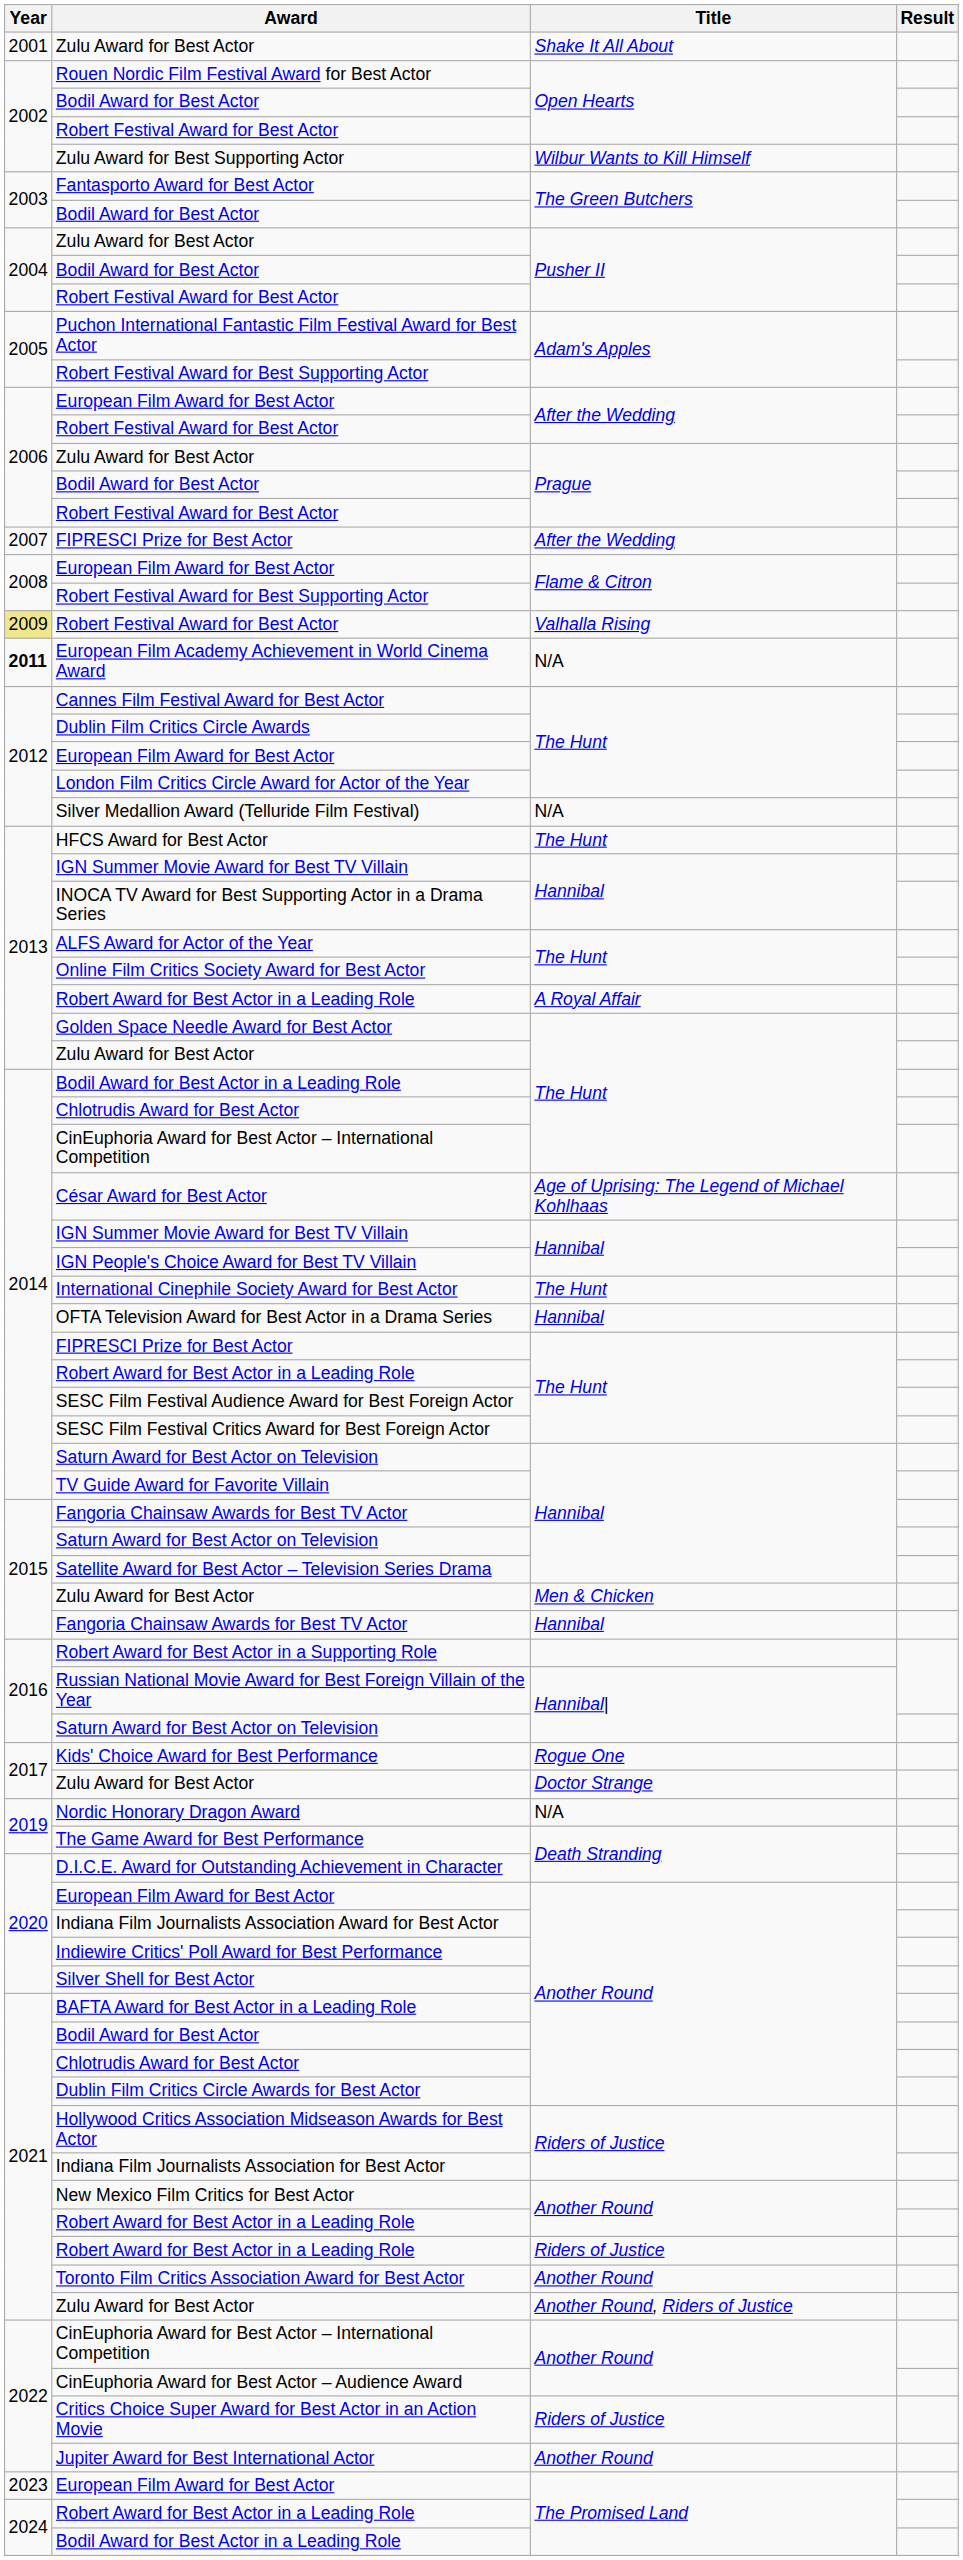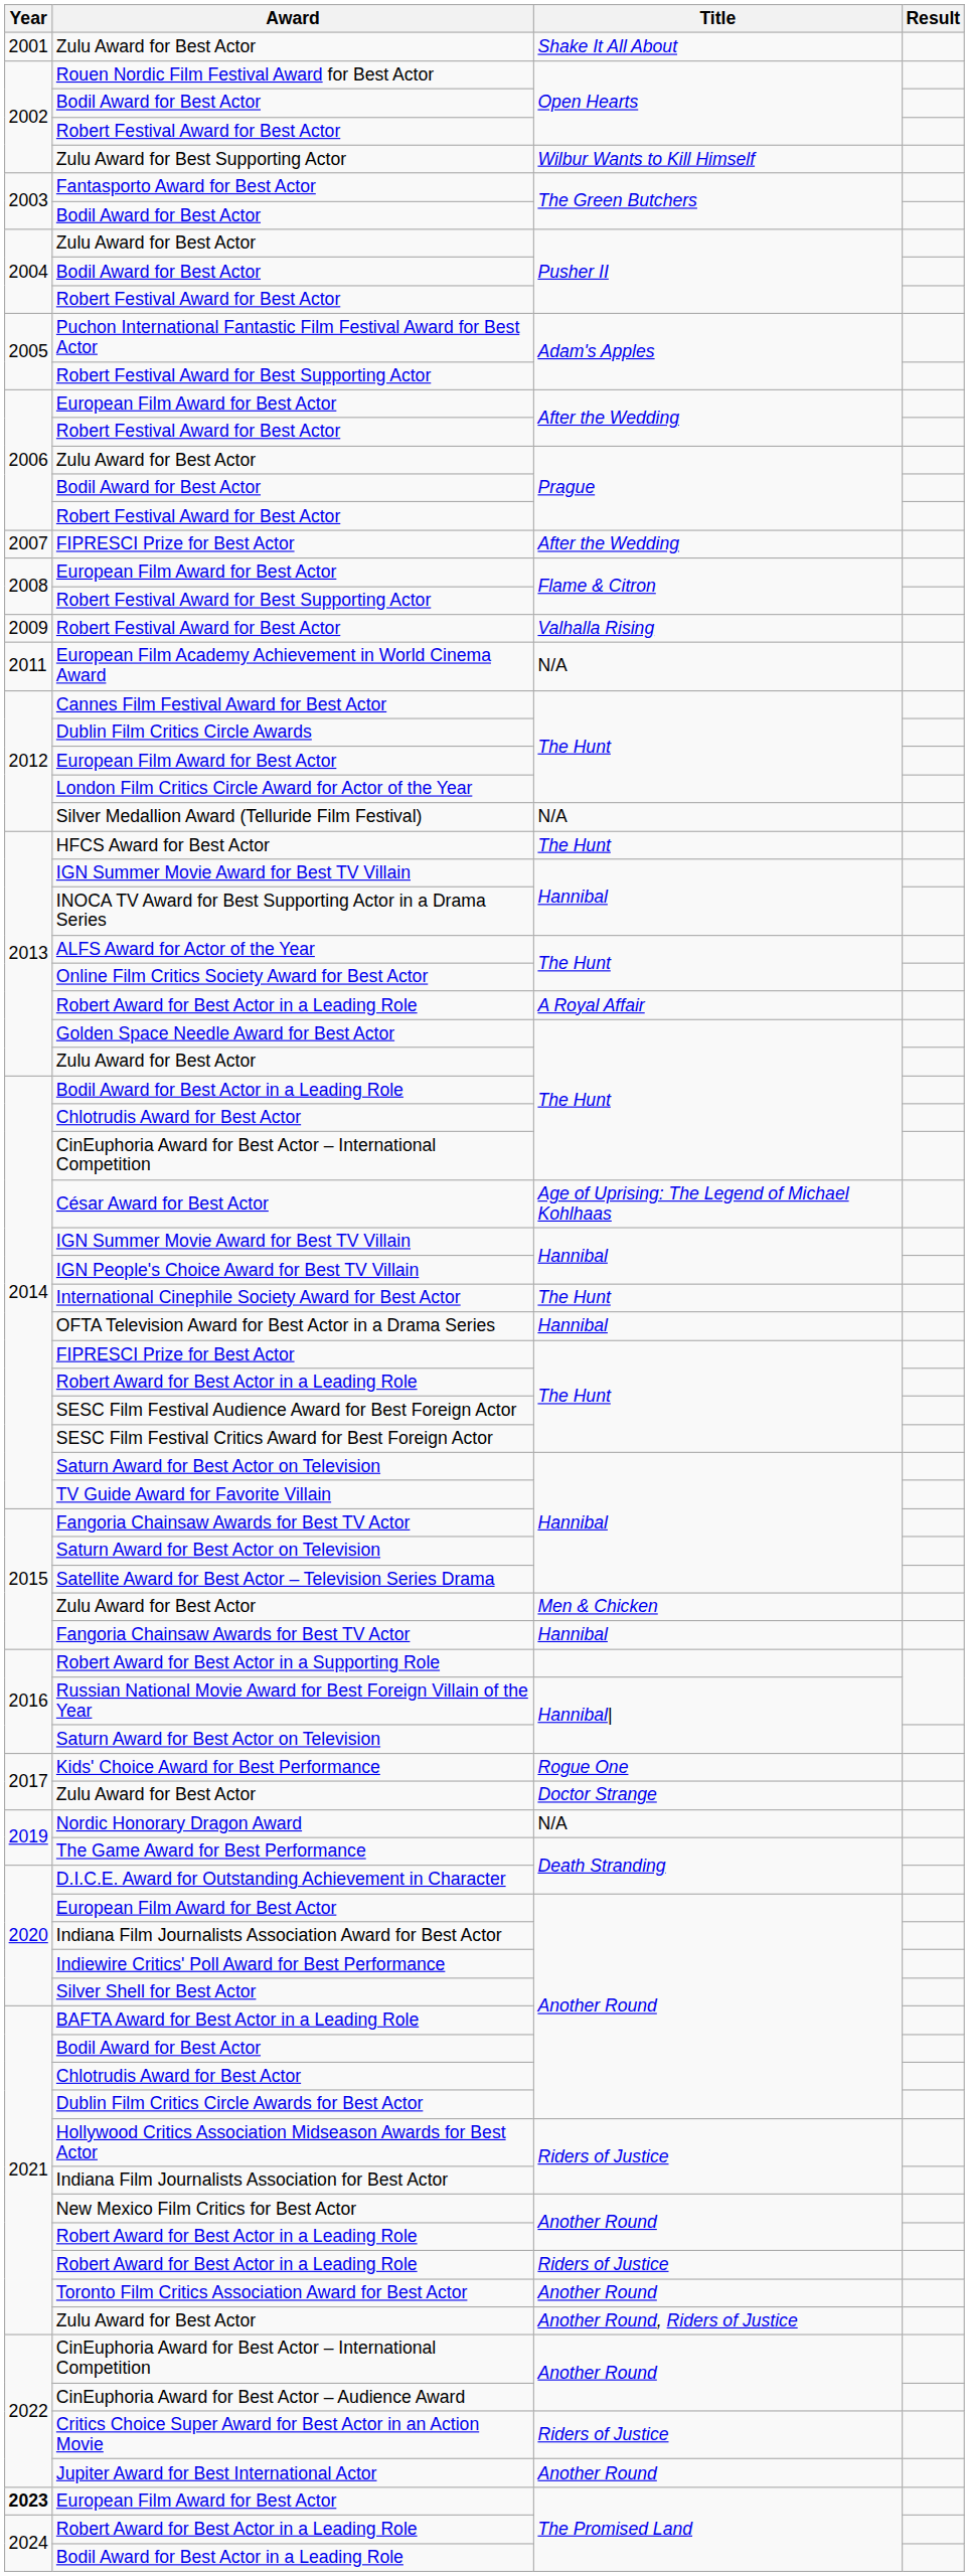 <table class="wikitable">
 <tr>
 <th>Year</th>
 <th>Award</th>
 <th>Title</th>
 <th>Result</th>
 </tr>
 <tr>
 <td>2001</td>
 <td>Zulu Award for Best Actor</td>
 <td><em><a href='#'>Shake It All About</a></em></td>
 <td></td>
 </tr>
 <tr>
 <td rowspan="4">2002</td>
 <td><a href='#'>Rouen Nordic Film Festival Award</a> for Best Actor</td>
 <td rowspan="3"><em><a href='#'>Open Hearts</a></em></td>
 <td></td>
 </tr>
 <tr>
 <td><a href='#'>Bodil Award for Best Actor</a></td>
 <td></td>
 </tr>
 <tr>
 <td><a href='#'>Robert Festival Award for Best Actor</a></td>
 <td></td>
 </tr>
 <tr>
 <td>Zulu Award for Best Supporting Actor</td>
 <td><em><a href='#'>Wilbur Wants to Kill Himself</a></em></td>
 <td></td>
 </tr>
 <tr>
 <td rowspan="2">2003</td>
 <td><a href='#'>Fantasporto Award for Best Actor</a></td>
 <td rowspan="2"><em><a href='#'>The Green Butchers</a></em></td>
 <td></td>
 </tr>
 <tr>
 <td><a href='#'>Bodil Award for Best Actor</a></td>
 <td></td>
 </tr>
 <tr>
 <td rowspan="3">2004</td>
 <td>Zulu Award for Best Actor</td>
 <td rowspan="3"><em><a href='#'>Pusher II</a></em></td>
 <td></td>
 </tr>
 <tr>
 <td><a href='#'>Bodil Award for Best Actor</a></td>
 <td></td>
 </tr>
 <tr>
 <td><a href='#'>Robert Festival Award for Best Actor</a></td>
 <td></td>
 </tr>
 <tr>
 <td rowspan="2">2005</td>
 <td><a href='#'>Puchon International Fantastic Film Festival Award for Best Actor</a></td>
 <td rowspan="2"><em><a href='#'>Adam's Apples</a></em></td>
 <td></td>
 </tr>
 <tr>
 <td><a href='#'>Robert Festival Award for Best Supporting Actor</a></td>
 <td></td>
 </tr>
 <tr>
 <td rowspan="5">2006</td>
 <td><a href='#'>European Film Award for Best Actor</a></td>
 <td rowspan="2"><em><a href='#'>After the Wedding</a></em></td>
 <td></td>
 </tr>
 <tr>
 <td><a href='#'>Robert Festival Award for Best Actor</a></td>
 <td></td>
 </tr>
 <tr>
 <td>Zulu Award for Best Actor</td>
 <td rowspan="3"><em><a href='#'>Prague</a></em></td>
 <td></td>
 </tr>
 <tr>
 <td><a href='#'>Bodil Award for Best Actor</a></td>
 <td></td>
 </tr>
 <tr>
 <td><a href='#'>Robert Festival Award for Best Actor</a></td>
 <td></td>
 </tr>
 <tr>
 <td>2007</td>
 <td><a href='#'>FIPRESCI Prize for Best Actor</a></td>
 <td><em><a href='#'>After the Wedding</a></em></td>
 <td></td>
 </tr>
 <tr>
 <td rowspan="2">2008</td>
 <td><a href='#'>European Film Award for Best Actor</a></td>
 <td rowspan="2"><em><a href='#'>Flame & Citron</a></em></td>
 <td></td>
 </tr>
 <tr>
 <td><a href='#'>Robert Festival Award for Best Supporting Actor</a></td>
 <td></td>
 </tr>
 <tr>
-<td style="background: khaki;">2009</td>
+<td>2009</td>
 <td><a href='#'>Robert Festival Award for Best Actor</a></td>
 <td><em><a href='#'>Valhalla Rising</a></em></td>
 <td></td>
 </tr>
 <tr>
-<td><strong>2011</strong></td>
+<td>2011</td>
 <td><a href='#'>European Film Academy Achievement in World Cinema Award</a></td>
 <td>N/A</td>
 <td></td>
 </tr>
 <tr>
 <td rowspan="5">2012</td>
 <td><a href='#'>Cannes Film Festival Award for Best Actor</a></td>
 <td rowspan="4"><em><a href='#'>The Hunt</a></em></td>
 <td></td>
 </tr>
 <tr>
 <td><a href='#'>Dublin Film Critics Circle Awards</a></td>
 <td></td>
 </tr>
 <tr>
 <td><a href='#'>European Film Award for Best Actor</a></td>
 <td></td>
 </tr>
 <tr>
 <td><a href='#'>London Film Critics Circle Award for Actor of the Year</a></td>
 <td></td>
 </tr>
 <tr>
 <td>Silver Medallion Award (Telluride Film Festival)</td>
 <td>N/A</td>
 <td></td>
 </tr>
 <tr>
 <td rowspan="8">2013</td>
 <td>HFCS Award for Best Actor</td>
 <td><em><a href='#'>The Hunt</a></em></td>
 <td></td>
 </tr>
 <tr>
 <td><a href='#'>IGN Summer Movie Award for Best TV Villain</a></td>
 <td rowspan="2"><em><a href='#'>Hannibal</a></em></td>
 <td></td>
 </tr>
 <tr>
 <td>INOCA TV Award for Best Supporting Actor in a Drama Series</td>
 <td></td>
 </tr>
 <tr>
 <td><a href='#'>ALFS Award for Actor of the Year</a></td>
 <td rowspan="2"><em><a href='#'>The Hunt</a></em></td>
 <td></td>
 </tr>
 <tr>
 <td><a href='#'>Online Film Critics Society Award for Best Actor</a></td>
 <td></td>
 </tr>
 <tr>
 <td><a href='#'>Robert Award for Best Actor in a Leading Role</a></td>
 <td><em><a href='#'>A Royal Affair</a></em></td>
 <td></td>
 </tr>
 <tr>
 <td><a href='#'>Golden Space Needle Award for Best Actor</a></td>
 <td rowspan="5"><em><a href='#'>The Hunt</a></em></td>
 <td></td>
 </tr>
 <tr>
 <td>Zulu Award for Best Actor</td>
 <td></td>
 </tr>
 <tr>
 <td rowspan="14">2014</td>
 <td><a href='#'>Bodil Award for Best Actor in a Leading Role</a></td>
 <td></td>
 </tr>
 <tr>
 <td><a href='#'>Chlotrudis Award for Best Actor</a></td>
 <td></td>
 </tr>
 <tr>
 <td>CinEuphoria Award for Best Actor – International Competition</td>
 <td></td>
 </tr>
 <tr>
 <td><a href='#'>César Award for Best Actor</a></td>
 <td><em><a href='#'>Age of Uprising: The Legend of Michael Kohlhaas</a></em></td>
 <td></td>
 </tr>
 <tr>
 <td><a href='#'>IGN Summer Movie Award for Best TV Villain</a></td>
 <td rowspan="2"><em><a href='#'>Hannibal</a></em></td>
 <td></td>
 </tr>
 <tr>
 <td><a href='#'>IGN People's Choice Award for Best TV Villain</a></td>
 <td></td>
 </tr>
 <tr>
 <td><a href='#'>International Cinephile Society Award for Best Actor</a></td>
 <td><em><a href='#'>The Hunt</a></em></td>
 <td></td>
 </tr>
 <tr>
 <td>OFTA Television Award for Best Actor in a Drama Series</td>
 <td><em><a href='#'>Hannibal</a></em></td>
 <td></td>
 </tr>
 <tr>
 <td><a href='#'>FIPRESCI Prize for Best Actor</a></td>
 <td rowspan="4"><em><a href='#'>The Hunt</a></em></td>
 <td></td>
 </tr>
 <tr>
 <td><a href='#'>Robert Award for Best Actor in a Leading Role</a></td>
 <td></td>
 </tr>
 <tr>
 <td>SESC Film Festival Audience Award for Best Foreign Actor</td>
 <td></td>
 </tr>
 <tr>
 <td>SESC Film Festival Critics Award for Best Foreign Actor</td>
 <td></td>
 </tr>
 <tr>
 <td><a href='#'>Saturn Award for Best Actor on Television</a></td>
 <td rowspan="5"><em><a href='#'>Hannibal</a></em></td>
 <td></td>
 </tr>
 <tr>
 <td><a href='#'>TV Guide Award for Favorite Villain</a></td>
 <td></td>
 </tr>
 <tr>
 <td rowspan="5">2015</td>
 <td><a href='#'>Fangoria Chainsaw Awards for Best TV Actor</a></td>
 <td></td>
 </tr>
 <tr>
 <td><a href='#'>Saturn Award for Best Actor on Television</a></td>
 <td></td>
 </tr>
 <tr>
 <td><a href='#'>Satellite Award for Best Actor – Television Series Drama</a></td>
 <td></td>
 </tr>
 <tr>
 <td>Zulu Award for Best Actor</td>
 <td><em><a href='#'>Men & Chicken</a></em></td>
 <td></td>
 </tr>
 <tr>
 <td><a href='#'>Fangoria Chainsaw Awards for Best TV Actor</a></td>
 <td><em><a href='#'>Hannibal</a></em></td>
 <td></td>
 </tr>
 <tr>
 <td rowspan="3">2016</td>
 <td><a href='#'>Robert Award for Best Actor in a Supporting Role</a></td>
 <td></td>
 </tr>
 <tr>
 <td><a href='#'>Russian National Movie Award for Best Foreign Villain of the Year</a></td>
 <td rowspan="2"><em><a href='#'>Hannibal</a></em>|</td>
 </tr>
 <tr>
 <td><a href='#'>Saturn Award for Best Actor on Television</a></td>
 <td></td>
 </tr>
 <tr>
 <td rowspan="2">2017</td>
 <td><a href='#'>Kids' Choice Award for Best Performance</a></td>
 <td><em><a href='#'>Rogue One</a></em></td>
 <td></td>
 </tr>
 <tr>
 <td>Zulu Award for Best Actor</td>
 <td><em><a href='#'>Doctor Strange</a></em></td>
 <td></td>
 </tr>
 <tr>
 <td rowspan="2"><a href='#'>2019</a></td>
 <td><a href='#'>Nordic Honorary Dragon Award</a></td>
 <td>N/A</td>
 <td></td>
 </tr>
 <tr>
 <td><a href='#'>The Game Award for Best Performance</a></td>
 <td rowspan="2"><em><a href='#'>Death Stranding</a></em></td>
 <td></td>
 </tr>
 <tr>
 <td rowspan="5"><a href='#'>2020</a></td>
 <td><a href='#'>D.I.C.E. Award for Outstanding Achievement in Character</a></td>
 <td></td>
 </tr>
 <tr>
 <td><a href='#'>European Film Award for Best Actor</a></td>
 <td rowspan="8"><em><a href='#'>Another Round</a></em></td>
 <td></td>
 </tr>
 <tr>
 <td>Indiana Film Journalists Association Award for Best Actor</td>
 <td></td>
 </tr>
 <tr>
 <td><a href='#'>Indiewire Critics' Poll Award for Best Performance</a></td>
 <td></td>
 </tr>
 <tr>
 <td><a href='#'>Silver Shell for Best Actor</a></td>
 <td></td>
 </tr>
 <tr>
 <td rowspan="11">2021</td>
 <td><a href='#'>BAFTA Award for Best Actor in a Leading Role</a></td>
 <td></td>
 </tr>
 <tr>
 <td><a href='#'>Bodil Award for Best Actor</a></td>
 <td></td>
 </tr>
 <tr>
 <td><a href='#'>Chlotrudis Award for Best Actor</a></td>
 <td></td>
 </tr>
 <tr>
 <td><a href='#'>Dublin Film Critics Circle Awards for Best Actor</a></td>
 <td></td>
 </tr>
 <tr>
 <td><a href='#'>Hollywood Critics Association Midseason Awards for Best Actor</a></td>
 <td rowspan="2"><em><a href='#'>Riders of Justice</a></em></td>
 <td></td>
 </tr>
 <tr>
 <td>Indiana Film Journalists Association for Best Actor</td>
 <td></td>
 </tr>
 <tr>
 <td>New Mexico Film Critics for Best Actor</td>
 <td rowspan="2"><em><a href='#'>Another Round</a></em></td>
 <td></td>
 </tr>
 <tr>
 <td><a href='#'>Robert Award for Best Actor in a Leading Role</a></td>
 <td></td>
 </tr>
 <tr>
 <td><a href='#'>Robert Award for Best Actor in a Leading Role</a></td>
 <td><em><a href='#'>Riders of Justice</a></em></td>
 <td></td>
 </tr>
 <tr>
 <td><a href='#'>Toronto Film Critics Association Award for Best Actor</a></td>
 <td><em><a href='#'>Another Round</a></em></td>
 <td></td>
 </tr>
 <tr>
 <td>Zulu Award for Best Actor</td>
 <td><em><a href='#'>Another Round</a>, <a href='#'>Riders of Justice</a></em></td>
 <td></td>
 </tr>
 <tr>
 <td rowspan="4">2022</td>
 <td>CinEuphoria Award for Best Actor – International Competition</td>
 <td rowspan="2"><em><a href='#'>Another Round</a></em></td>
 <td></td>
 </tr>
 <tr>
 <td>CinEuphoria Award for Best Actor – Audience Award</td>
 <td></td>
 </tr>
 <tr>
 <td><a href='#'>Critics Choice Super Award for Best Actor in an Action Movie</a></td>
 <td><em><a href='#'>Riders of Justice</a></em></td>
 <td></td>
 </tr>
 <tr>
 <td><a href='#'>Jupiter Award for Best International Actor</a></td>
 <td><em><a href='#'>Another Round</a></em></td>
 <td></td>
 </tr>
 <tr>
-<td>2023</td>
+<td><strong>2023</strong></td>
 <td><a href='#'>European Film Award for Best Actor</a></td>
 <td rowspan="3"><em><a href='#'>The Promised Land</a></em></td>
 <td></td>
 </tr>
 <tr>
 <td rowspan="2">2024</td>
 <td><a href='#'>Robert Award for Best Actor in a Leading Role</a></td>
 <td></td>
 </tr>
 <tr>
 <td><a href='#'>Bodil Award for Best Actor in a Leading Role</a></td>
 <td></td>
 </tr>
 </table>
